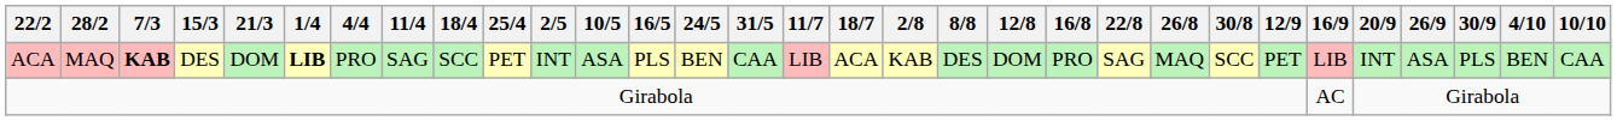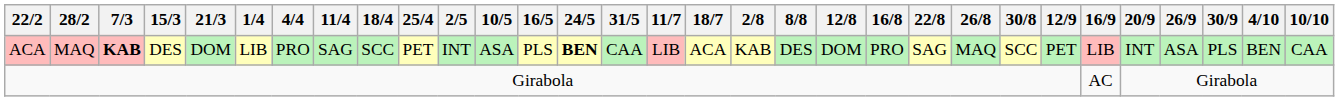 <table class="wikitable" style="font-size: 74%; text-align:center;">
 <tr>
 <th align=center>22/2</th>
 <th align=center>28/2</th>
 <th align=center>7/3</th>
 <th align=center>15/3</th>
 <th align=center>21/3</th>
 <th align=center>1/4</th>
 <th align=center>4/4</th>
 <th align=center>11/4</th>
 <th align=center>18/4</th>
 <th align=center>25/4</th>
 <th align=center>2/5</th>
 <th align=center>10/5</th>
 <th align=center>16/5</th>
 <th align=center>24/5</th>
 <th align=center>31/5</th>
 <th align=center>11/7</th>
 <th align=center>18/7</th>
 <th align=center>2/8</th>
 <th align=center>8/8</th>
 <th align=center>12/8</th>
 <th align=center>16/8</th>
 <th align=center>22/8</th>
 <th align=center>26/8</th>
 <th align=center>30/8</th>
 <th align=center>12/9</th>
 <th align=center>16/9</th>
 <th align=center>20/9</th>
 <th align=center>26/9</th>
 <th align=center>30/9</th>
 <th align=center>4/10</th>
 <th align=center>10/10</th>
 </tr>
 <tr align=center>
 <td bgcolor=#ffbbbb>ACA</td>
 <td bgcolor=#ffbbbb>MAQ</td>
 <td bgcolor=#ffbbbb><strong>KAB</strong></td>
 <td bgcolor=#ffffbb>DES</td>
 <td bgcolor=#bbf3bb>DOM</td>
-<td bgcolor=#ffffbb><strong>LIB</strong></td>
+<td bgcolor=#ffffbb>LIB</td>
 <td bgcolor=#bbf3bb>PRO</td>
 <td bgcolor=#bbf3bb>SAG</td>
 <td bgcolor=#bbf3bb>SCC</td>
 <td bgcolor=#ffffbb>PET</td>
 <td bgcolor=#bbf3bb>INT</td>
 <td bgcolor=#bbf3bb>ASA</td>
 <td bgcolor=#ffffbb>PLS</td>
-<td bgcolor=#ffffbb>BEN</td>
+<td bgcolor=#ffffbb><strong>BEN</strong></td>
 <td bgcolor=#bbf3bb>CAA</td>
 <td bgcolor=#ffbbbb>LIB</td>
 <td bgcolor=#ffffbb>ACA</td>
 <td bgcolor=#ffffbb>KAB</td>
 <td bgcolor=#bbf3bb>DES</td>
 <td bgcolor=#bbf3bb>DOM</td>
 <td bgcolor=#bbf3bb>PRO</td>
 <td bgcolor=#ffffbb>SAG</td>
 <td bgcolor=#bbf3bb>MAQ</td>
 <td bgcolor=#ffffbb>SCC</td>
 <td bgcolor=#bbf3bb>PET</td>
 <td bgcolor=#ffbbbb>LIB</td>
 <td bgcolor=#bbf3bb>INT</td>
 <td bgcolor=#bbf3bb>ASA</td>
 <td bgcolor=#bbf3bb>PLS</td>
 <td bgcolor=#bbf3bb>BEN</td>
 <td bgcolor=#bbf3bb>CAA</td>
 </tr>
 <tr align=center>
 <td colspan=25>Girabola</td>
 <td>AC</td>
 <td colspan=5>Girabola</td>
 </tr>
 </table>
